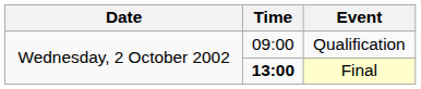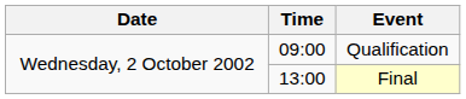 <table class = "wikitable" style="text-align:center;">
 <tr>
 <th width=220>Date</th>
 <th width=50>Time</th>
 <th width=100>Event</th>
 </tr>
 <tr>
 <td rowspan=2>Wednesday, 2 October 2002</td>
 <td>09:00</td>
 <td>Qualification</td>
 </tr>
 <tr>
-<td><strong>13:00</strong></td>
+<td>13:00</td>
 <td bgcolor=ffffcc>Final</td>
 </tr>
 </table>
